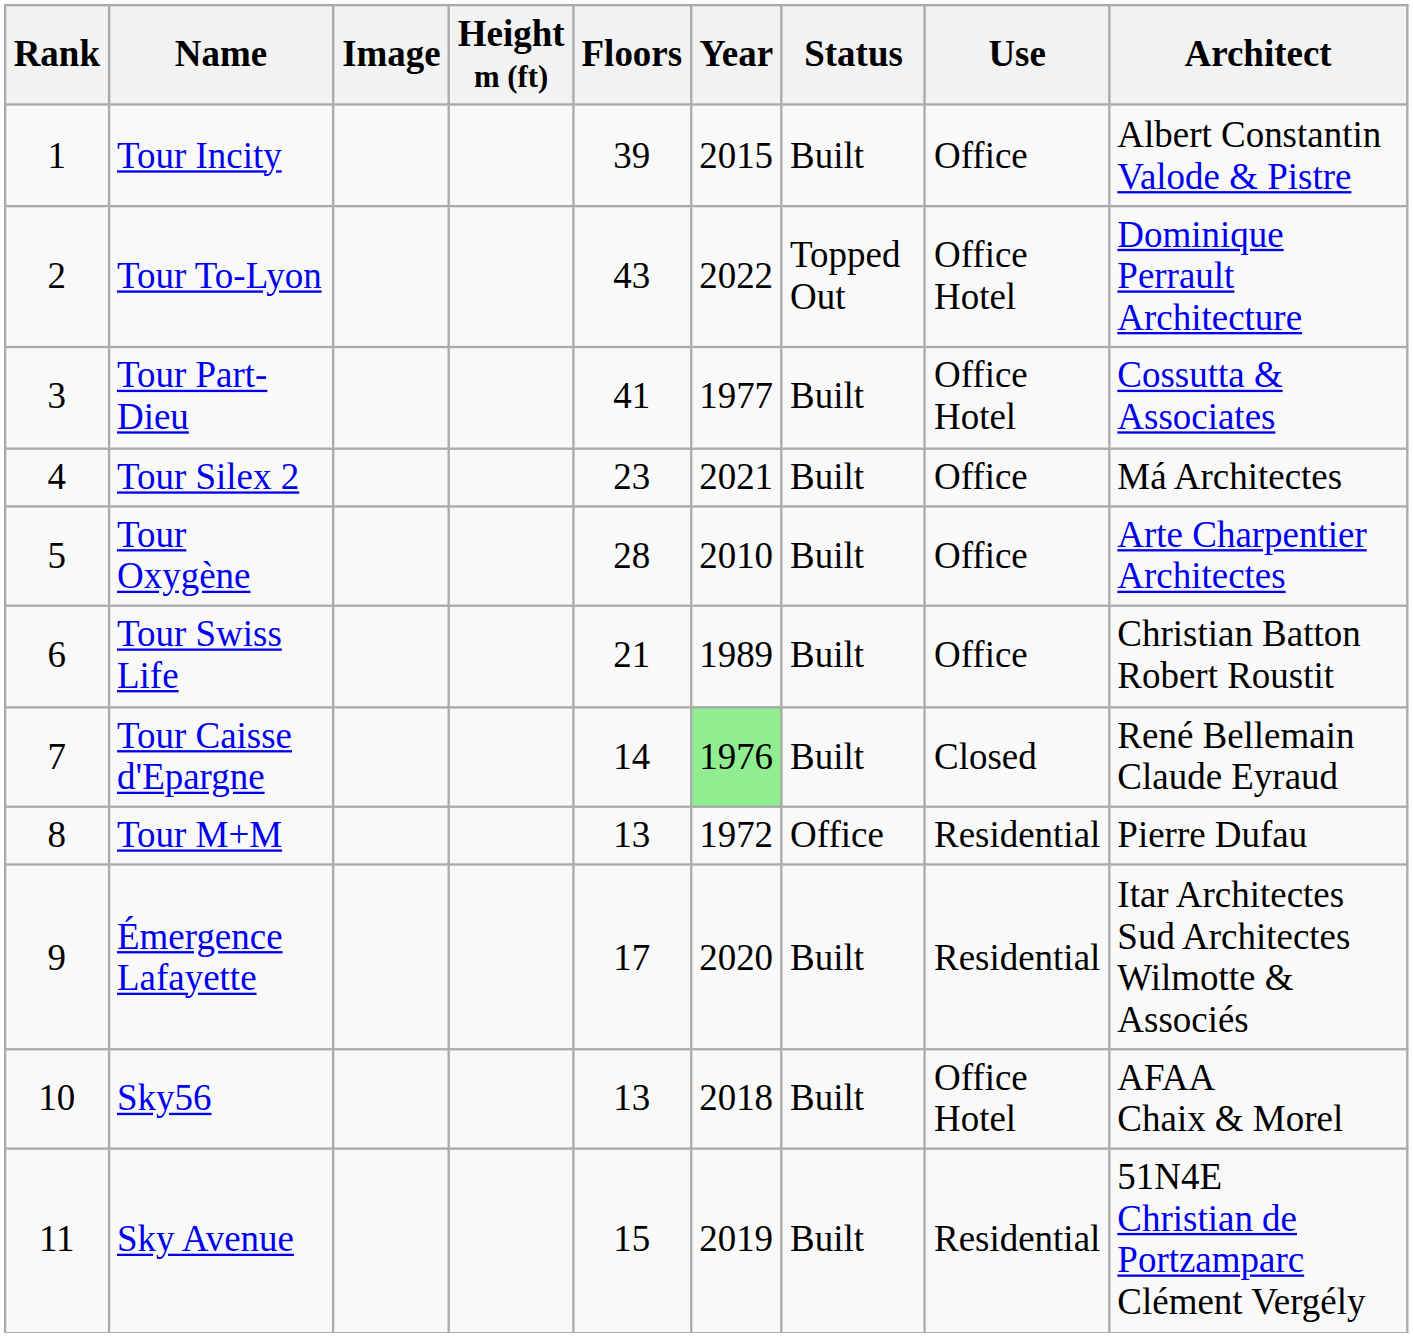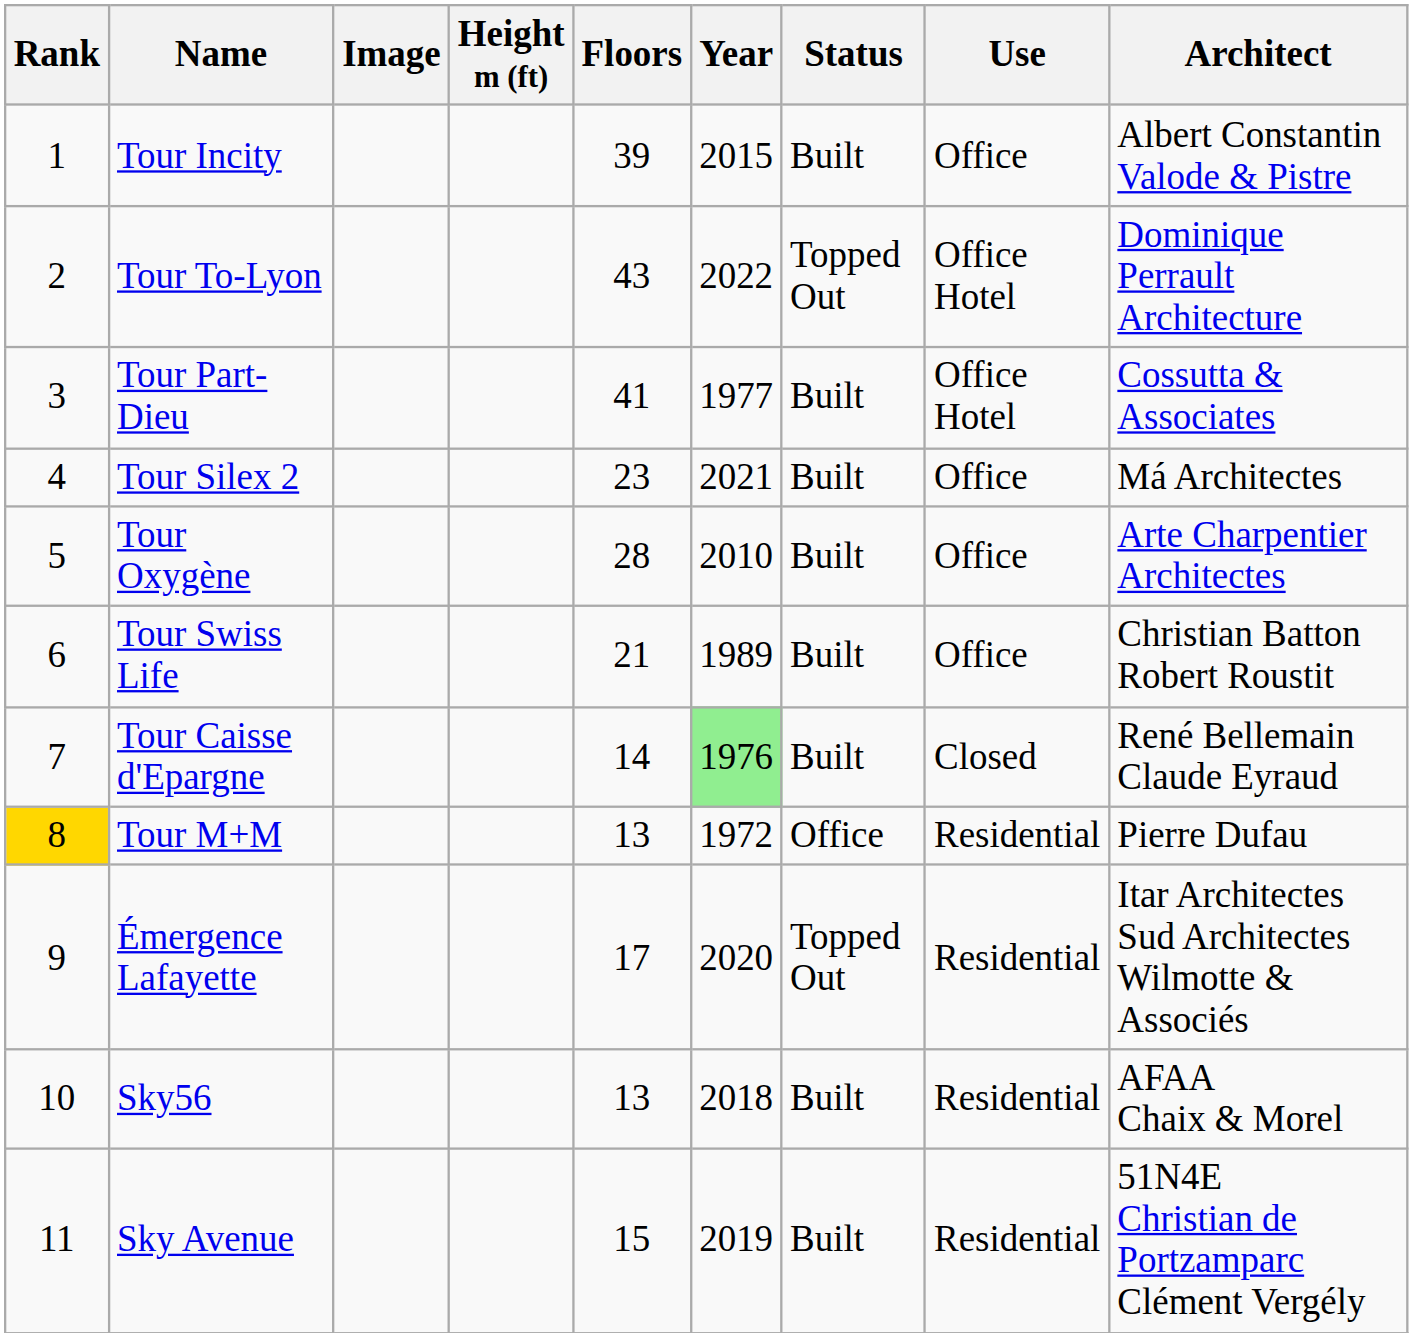 <table class="wikitable sortable">
 <tr>
 <th>Rank</th>
 <th>Name</th>
 <th>Image</th>
 <th>Height<br><small>m (ft)</small></th>
 <th>Floors</th>
 <th>Year</th>
 <th>Status</th>
 <th>Use</th>
 <th>Architect</th>
 </tr>
 <tr>
 <td align="center">1</td>
 <td><a href='#'>Tour Incity</a></td>
 <td></td>
 <td align="center"></td>
 <td align="center">39</td>
 <td align="center">2015</td>
 <td>Built</td>
 <td>Office</td>
 <td>Albert Constantin<br><a href='#'>Valode & Pistre</a></td>
 </tr>
 <tr>
 <td align="center">2</td>
 <td><a href='#'>Tour To-Lyon</a></td>
 <td></td>
 <td align="center"></td>
 <td align="center">43</td>
 <td align="center">2022</td>
 <td>Topped Out</td>
 <td>Office<br>Hotel</td>
 <td><a href='#'>Dominique Perrault Architecture</a></td>
 </tr>
 <tr>
 <td align="center">3</td>
 <td><a href='#'>Tour Part-Dieu</a></td>
 <td></td>
 <td align="center"></td>
 <td align="center">41</td>
 <td align="center">1977</td>
 <td>Built</td>
 <td>Office<br>Hotel</td>
 <td><a href='#'>Cossutta & Associates</a></td>
 </tr>
 <tr>
 <td align="center">4</td>
 <td><a href='#'>Tour Silex 2</a></td>
 <td></td>
 <td align="center"></td>
 <td align="center">23</td>
 <td align="center">2021</td>
 <td>Built</td>
 <td>Office</td>
 <td>Má Architectes</td>
 </tr>
 <tr>
 <td align="center">5</td>
 <td><a href='#'>Tour Oxygène</a></td>
 <td></td>
 <td align="center"></td>
 <td align="center">28</td>
 <td align="center">2010</td>
 <td>Built</td>
 <td>Office</td>
 <td><a href='#'>Arte Charpentier Architectes</a></td>
 </tr>
 <tr>
 <td align="center">6</td>
 <td><a href='#'>Tour Swiss Life</a></td>
 <td></td>
 <td align="center"></td>
 <td align="center">21</td>
 <td align="center">1989</td>
 <td>Built</td>
 <td>Office</td>
 <td>Christian Batton<br>Robert Roustit</td>
 </tr>
 <tr>
 <td align="center">7</td>
 <td><a href='#'>Tour Caisse d'Epargne</a></td>
 <td></td>
 <td align="center"></td>
 <td align="center">14</td>
 <td align="center" style="background: lightgreen;">1976</td>
 <td>Built</td>
 <td>Closed</td>
 <td>René Bellemain<br>Claude Eyraud</td>
 </tr>
 <tr>
-<td align="center">8</td>
+<td align="center" style="background: gold;">8</td>
 <td><a href='#'>Tour M+M</a></td>
 <td></td>
 <td align="center"></td>
 <td align="center">13</td>
 <td align="center">1972</td>
 <td>Office</td>
 <td>Residential</td>
 <td>Pierre Dufau</td>
 </tr>
 <tr>
 <td align="center">9</td>
 <td><a href='#'>Émergence Lafayette</a></td>
 <td></td>
 <td align="center"></td>
 <td align="center">17</td>
 <td align="center">2020</td>
-<td>Built</td>
+<td>Topped Out</td>
 <td>Residential</td>
 <td>Itar Architectes<br>Sud Architectes  Wilmotte & Associés</td>
 </tr>
 <tr>
 <td align="center">10</td>
 <td><a href='#'>Sky56</a></td>
 <td></td>
 <td align="center"></td>
 <td align="center">13</td>
 <td align="center">2018</td>
 <td>Built</td>
-<td>Office<br>Hotel</td>
+<td>Residential</td>
 <td>AFAA<br>Chaix & Morel</td>
 </tr>
 <tr>
 <td align="center">11</td>
 <td><a href='#'>Sky Avenue</a></td>
 <td></td>
 <td align="center"></td>
 <td align="center">15</td>
 <td align="center">2019</td>
 <td>Built</td>
 <td>Residential</td>
 <td>51N4E<br><a href='#'>Christian de Portzamparc</a><br>Clément Vergély</td>
 </tr>
 <tr>
 </tr>
 </table>
